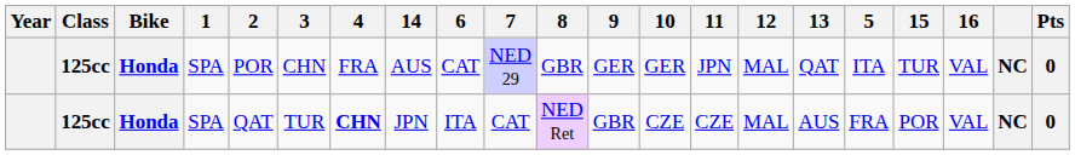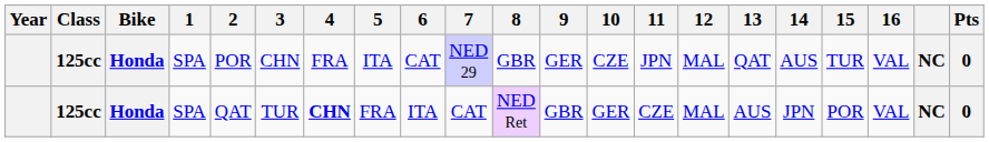 <table class="wikitable" style="text-align:center">
 <tr>
 <th>Year</th>
 <th>Class</th>
 <th>Bike</th>
 <th>1</th>
 <th>2</th>
 <th>3</th>
 <th>4</th>
-<th>14</th>
+<th>5</th>
 <th>6</th>
 <th>7</th>
 <th>8</th>
 <th>9</th>
 <th>10</th>
 <th>11</th>
 <th>12</th>
 <th>13</th>
-<th>5</th>
+<th>14</th>
 <th>15</th>
 <th>16</th>
 <th></th>
 <th>Pts</th>
 </tr>
 <tr>
 <th align="left"></th>
 <th align="left">125cc</th>
 <th align="left"><a href='#'>Honda</a></th>
 <td><a href='#'>SPA</a></td>
 <td><a href='#'>POR</a></td>
 <td><a href='#'>CHN</a></td>
 <td><a href='#'>FRA</a></td>
-<td><a href='#'>AUS</a></td>
+<td><a href='#'>ITA</a></td>
 <td><a href='#'>CAT</a></td>
 <td style="background:#cfcfff;"><a href='#'>NED</a><br><small>29</small></td>
 <td><a href='#'>GBR</a></td>
 <td><a href='#'>GER</a></td>
-<td><a href='#'>GER</a></td>
+<td><a href='#'>CZE</a></td>
 <td><a href='#'>JPN</a></td>
 <td><a href='#'>MAL</a></td>
 <td><a href='#'>QAT</a></td>
-<td><a href='#'>ITA</a></td>
+<td><a href='#'>AUS</a></td>
 <td><a href='#'>TUR</a></td>
 <td><a href='#'>VAL</a></td>
 <th>NC</th>
 <th>0</th>
 </tr>
 <tr>
 <th align="left"></th>
 <th align="left">125cc</th>
 <th align="left"><a href='#'>Honda</a></th>
 <td><a href='#'>SPA</a></td>
 <td><a href='#'>QAT</a></td>
 <td><a href='#'>TUR</a></td>
 <td><strong><a href='#'>CHN</a></strong></td>
-<td><a href='#'>JPN</a></td>
+<td><a href='#'>FRA</a></td>
 <td><a href='#'>ITA</a></td>
 <td><a href='#'>CAT</a></td>
 <td style="background:#efcfff;"><a href='#'>NED</a><br><small>Ret</small></td>
 <td><a href='#'>GBR</a></td>
-<td><a href='#'>CZE</a></td>
+<td><a href='#'>GER</a></td>
 <td><a href='#'>CZE</a></td>
 <td><a href='#'>MAL</a></td>
 <td><a href='#'>AUS</a></td>
-<td><a href='#'>FRA</a></td>
+<td><a href='#'>JPN</a></td>
 <td><a href='#'>POR</a></td>
 <td><a href='#'>VAL</a></td>
 <th>NC</th>
 <th>0</th>
 </tr>
 </table>
